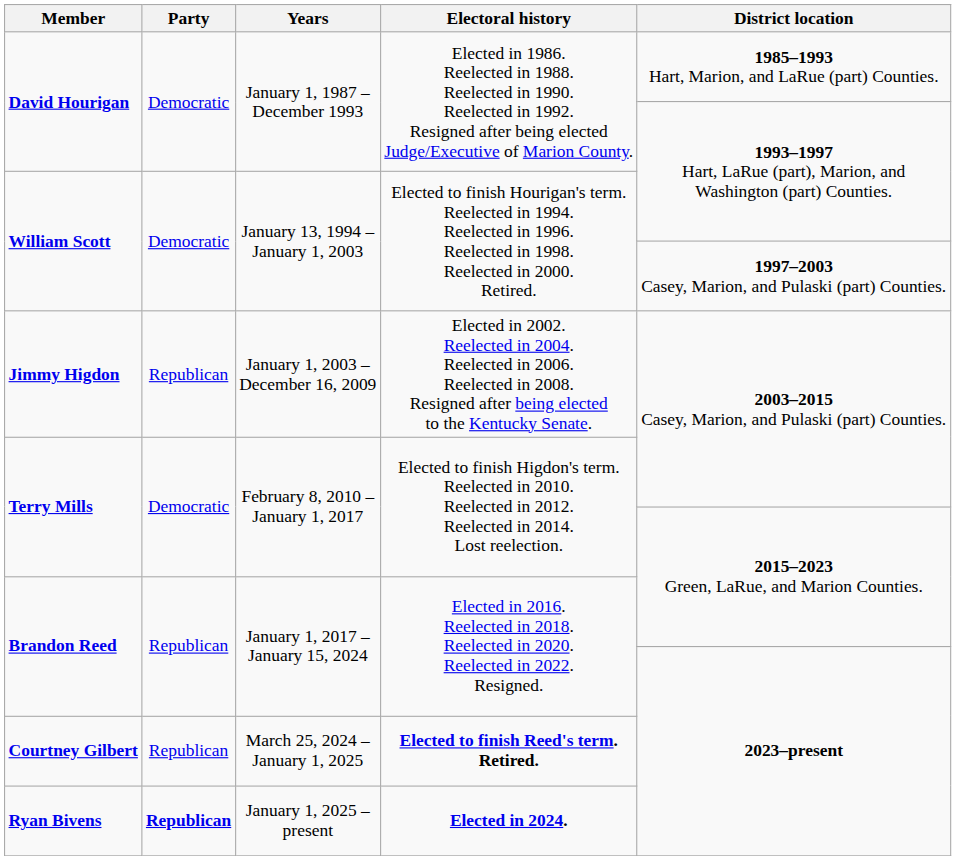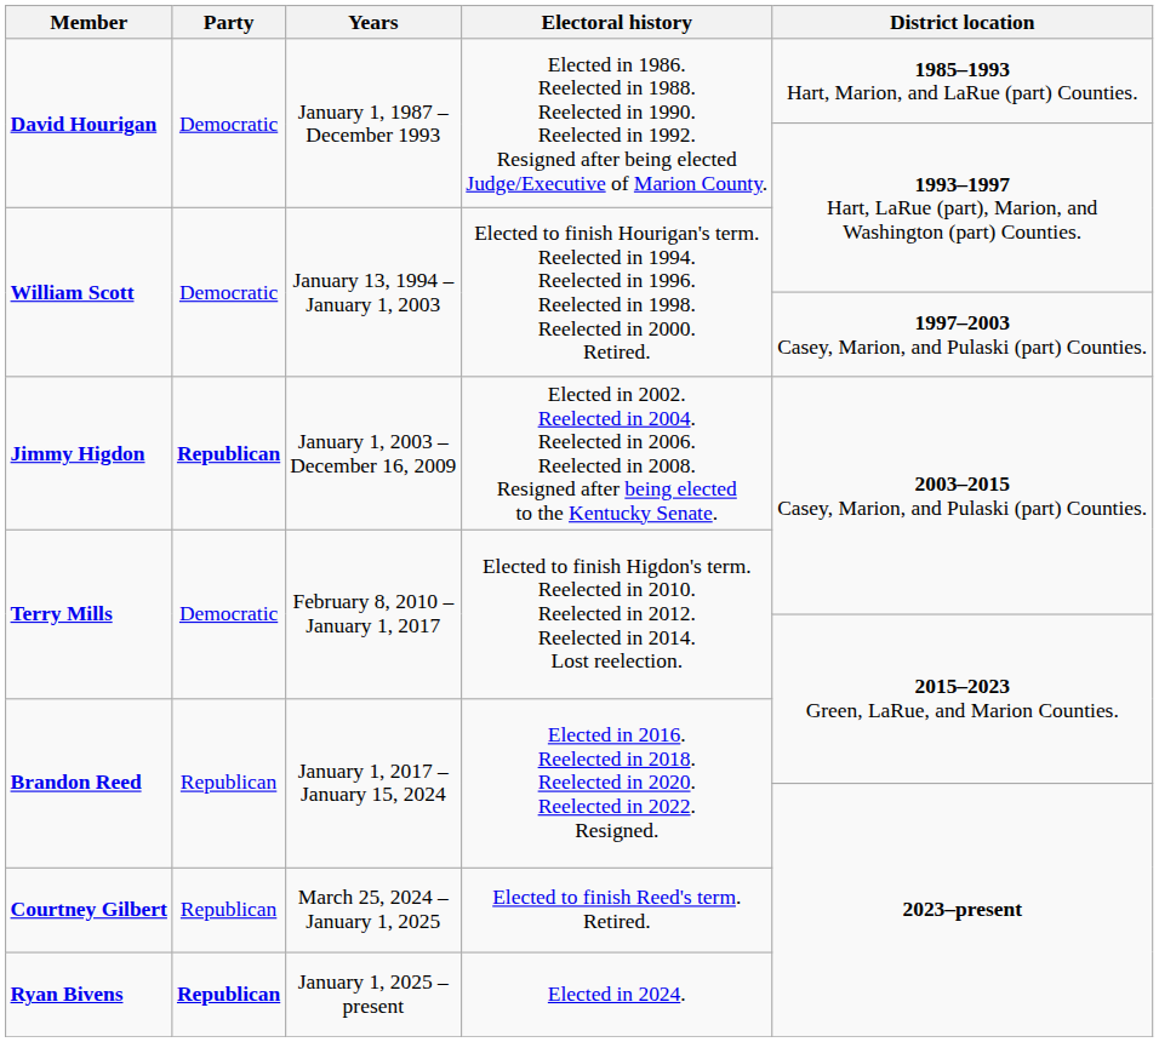 <table class=wikitable style="text-align:center">
 <tr>
 <th>Member</th>
 <th>Party</th>
 <th>Years</th>
 <th>Electoral history</th>
 <th>District location</th>
 </tr>
 <tr style="height:4em">
 <td rowspan=2 align=left><strong><a href='#'>David Hourigan</a></strong><br></td>
 <td rowspan=2 ><a href='#'>Democratic</a></td>
 <td rowspan=2 nowrap>January 1, 1987 –<br>December 1993</td>
 <td rowspan=2>Elected in 1986.<br>Reelected in 1988.<br>Reelected in 1990.<br>Reelected in 1992.<br>Resigned after being elected<br><a href='#'>Judge/Executive</a> of <a href='#'>Marion County</a>.</td>
 <td><strong>1985–1993</strong><br>Hart, Marion, and LaRue (part) Counties.</td>
 </tr>
 <tr style="height:4em">
 <td rowspan=2><strong>1993–1997</strong><br>Hart, LaRue (part), Marion, and<br>Washington (part) Counties.</td>
 </tr>
 <tr style="height:4em">
 <td rowspan=2 align=left><strong><a href='#'>William Scott</a></strong><br></td>
 <td rowspan=2 ><a href='#'>Democratic</a></td>
 <td rowspan=2 nowrap>January 13, 1994 –<br>January 1, 2003</td>
 <td rowspan=2>Elected to finish Hourigan's term.<br>Reelected in 1994.<br>Reelected in 1996.<br>Reelected in 1998.<br>Reelected in 2000.<br>Retired.</td>
 </tr>
 <tr style="height:4em">
 <td><strong>1997–2003</strong><br>Casey, Marion, and Pulaski (part) Counties.</td>
 </tr>
 <tr style="height:4em">
 <td align=left><strong><a href='#'>Jimmy Higdon</a></strong><br></td>
-<td><a href='#'>Republican</a></td>
+<td><strong><a href='#'>Republican</a></strong></td>
 <td nowrap>January 1, 2003 –<br>December 16, 2009</td>
 <td>Elected in 2002.<br><a href='#'>Reelected in 2004</a>.<br>Reelected in 2006.<br>Reelected in 2008.<br>Resigned after <a href='#'>being elected</a><br>to the <a href='#'>Kentucky Senate</a>.</td>
 <td rowspan=2><strong>2003–2015</strong><br>Casey, Marion, and Pulaski (part) Counties.</td>
 </tr>
 <tr style="height:4em">
 <td rowspan=2 align=left><strong><a href='#'>Terry Mills</a></strong><br></td>
 <td rowspan=2 ><a href='#'>Democratic</a></td>
 <td rowspan=2 nowrap>February 8, 2010 –<br>January 1, 2017</td>
 <td rowspan=2>Elected to finish Higdon's term.<br>Reelected in 2010.<br>Reelected in 2012.<br>Reelected in 2014.<br>Lost reelection.</td>
 </tr>
 <tr style="height:4em">
 <td rowspan=2><strong>2015–2023</strong><br>Green, LaRue, and Marion Counties.</td>
 </tr>
 <tr style="height:4em">
 <td rowspan=2 align=left><strong><a href='#'>Brandon Reed</a></strong><br></td>
 <td rowspan=2 ><a href='#'>Republican</a></td>
 <td rowspan=2 nowrap>January 1, 2017 –<br>January 15, 2024</td>
 <td rowspan=2><a href='#'>Elected in 2016</a>.<br><a href='#'>Reelected in 2018</a>.<br><a href='#'>Reelected in 2020</a>.<br><a href='#'>Reelected in 2022</a>.<br>Resigned.</td>
 </tr>
 <tr style="height:4em">
 <td rowspan=3><strong>2023–present</strong><br></td>
 </tr>
 <tr style="height:4em">
 <td align=left><strong><a href='#'>Courtney Gilbert</a></strong><br></td>
 <td><a href='#'>Republican</a></td>
 <td nowrap>March 25, 2024 –<br>January 1, 2025</td>
-<td><strong><a href='#'>Elected to finish Reed's term</a>.<br>Retired.</strong></td>
+<td><a href='#'>Elected to finish Reed's term</a>.<br>Retired.</td>
 </tr>
 <tr style="height:4em">
 <td align=left><strong><a href='#'>Ryan Bivens</a></strong><br></td>
 <td><strong><a href='#'>Republican</a></strong></td>
 <td nowrap>January 1, 2025 –<br>present</td>
-<td><strong><a href='#'>Elected in 2024</a>.</strong></td>
+<td><a href='#'>Elected in 2024</a>.</td>
 </tr>
 </table>
